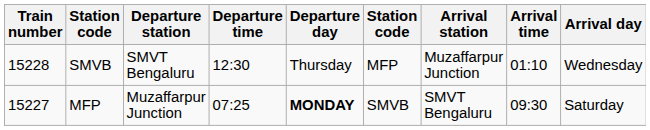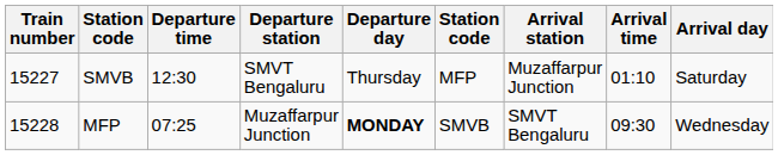 <table class="wikitable">
 <tr>
 <th>Train number</th>
 <th>Station code</th>
+<th>Departure time</th>
 <th>Departure station</th>
-<th>Departure time</th>
 <th>Departure day</th>
 <th>Station code</th>
 <th>Arrival station</th>
 <th>Arrival time</th>
 <th>Arrival day</th>
 </tr>
 <tr>
-<td>15228</td>
+<td>15227</td>
 <td>SMVB</td>
+<td>12:30</td>
 <td>SMVT Bengaluru</td>
-<td>12:30</td>
 <td>Thursday</td>
 <td>MFP</td>
 <td>Muzaffarpur Junction</td>
 <td>01:10</td>
-<td>Wednesday</td>
+<td>Saturday</td>
 </tr>
 <tr>
-<td>15227</td>
+<td>15228</td>
 <td>MFP</td>
+<td>07:25</td>
 <td>Muzaffarpur Junction</td>
-<td>07:25</td>
 <td><strong>MONDAY</strong></td>
 <td>SMVB</td>
 <td>SMVT Bengaluru</td>
 <td>09:30</td>
-<td>Saturday</td>
+<td>Wednesday</td>
 </tr>
 </table>
